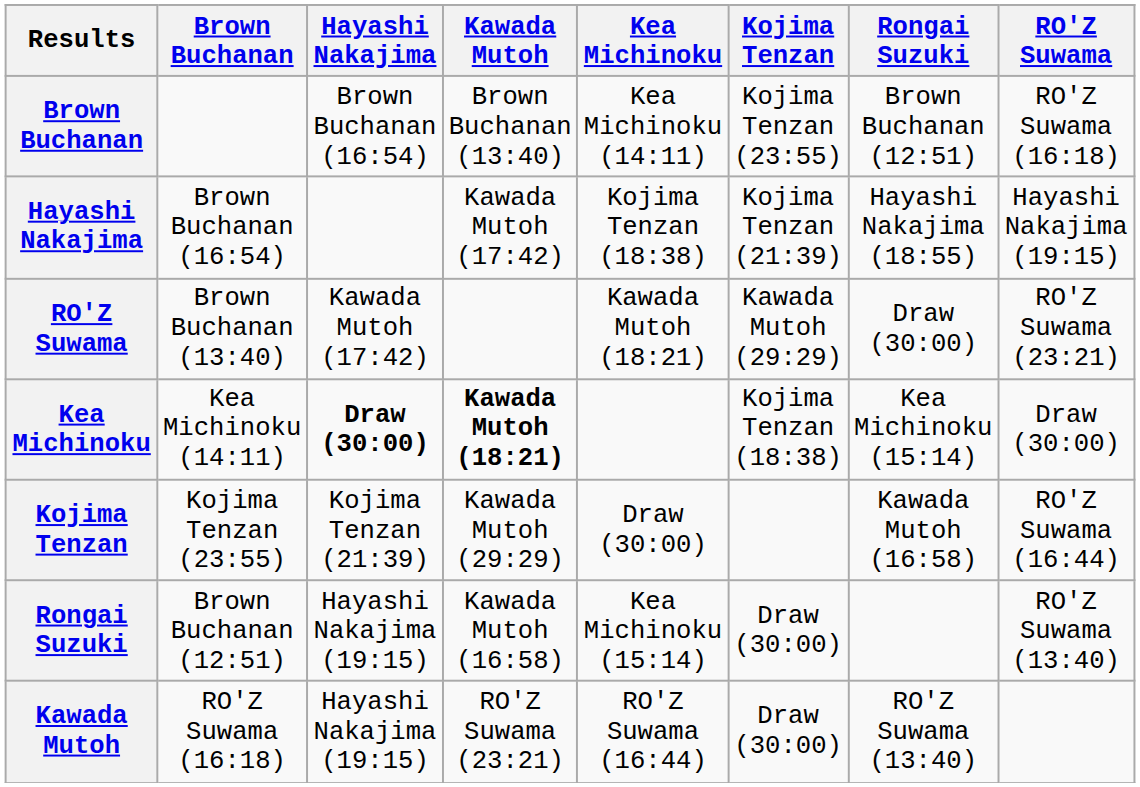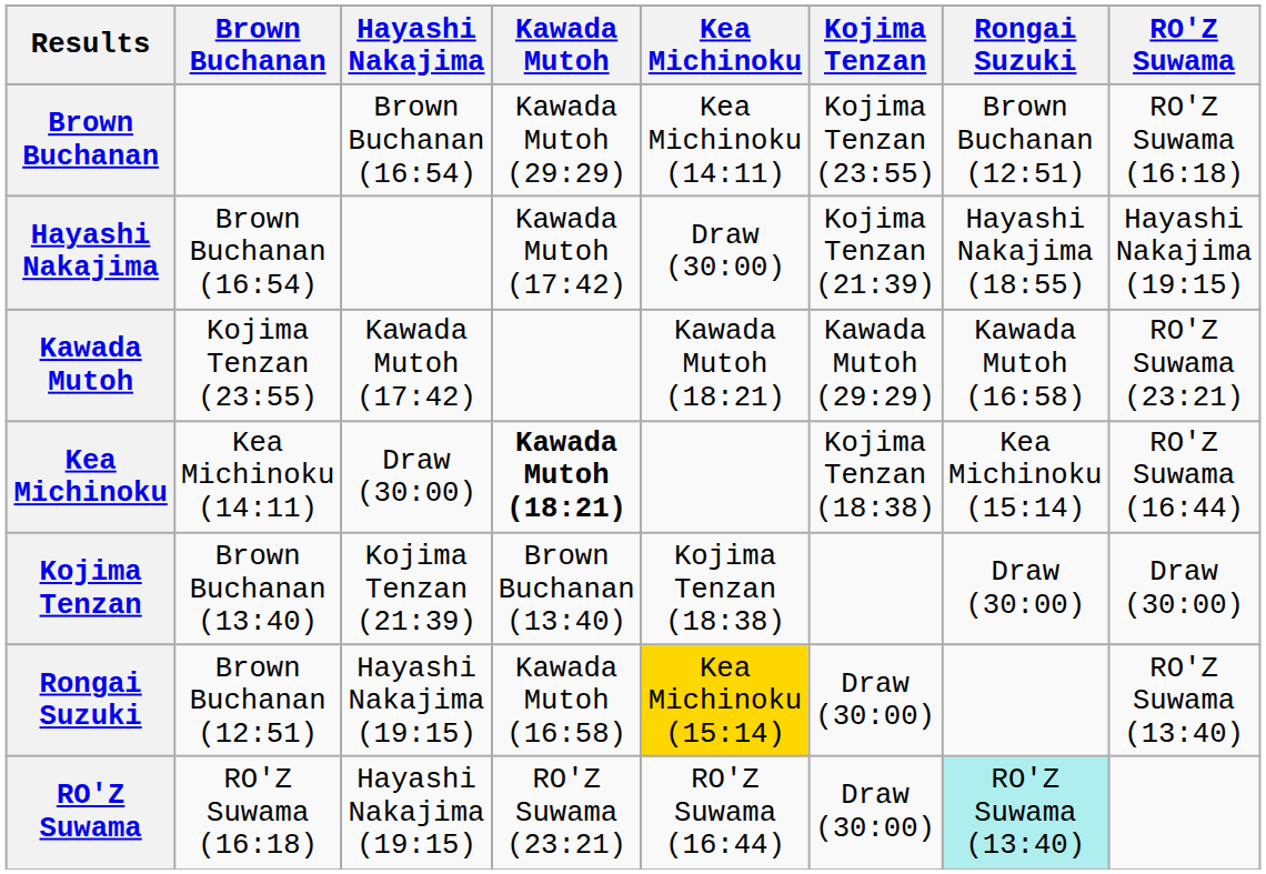 <table class="wikitable" style="text-align:center; margin: 1em auto 1em auto">
 <tr>
 <th>Results</th>
 <th><a href='#'>Brown</a><br><a href='#'>Buchanan</a></th>
 <th><a href='#'>Hayashi</a><br><a href='#'>Nakajima</a></th>
 <th><a href='#'>Kawada</a><br><a href='#'>Mutoh</a></th>
 <th><a href='#'>Kea</a><br><a href='#'>Michinoku</a></th>
 <th><a href='#'>Kojima</a><br><a href='#'>Tenzan</a></th>
 <th><a href='#'>Rongai</a><br><a href='#'>Suzuki</a></th>
 <th><a href='#'>RO'Z</a><br><a href='#'>Suwama</a></th>
 </tr>
 <tr>
 <th><a href='#'>Brown</a><br><a href='#'>Buchanan</a></th>
 <td></td>
 <td>Brown<br>Buchanan<br>(16:54)</td>
-<td>Brown<br>Buchanan<br>(13:40)</td>
+<td>Kawada<br>Mutoh<br>(29:29)</td>
 <td>Kea<br>Michinoku<br>(14:11)</td>
 <td>Kojima<br>Tenzan<br>(23:55)</td>
 <td>Brown<br>Buchanan<br>(12:51)</td>
 <td>RO'Z<br>Suwama<br>(16:18)</td>
 </tr>
 <tr>
 <th><a href='#'>Hayashi</a><br><a href='#'>Nakajima</a></th>
 <td>Brown<br>Buchanan<br>(16:54)</td>
 <td></td>
 <td>Kawada<br>Mutoh<br>(17:42)</td>
-<td>Kojima<br>Tenzan<br>(18:38)</td>
+<td>Draw<br>(30:00)</td>
 <td>Kojima<br>Tenzan<br>(21:39)</td>
 <td>Hayashi<br>Nakajima<br>(18:55)</td>
 <td>Hayashi<br>Nakajima<br>(19:15)</td>
 </tr>
 <tr>
-<th><a href='#'>RO'Z</a><br><a href='#'>Suwama</a></th>
-<td>Brown<br>Buchanan<br>(13:40)</td>
+<th><a href='#'>Kawada</a><br><a href='#'>Mutoh</a></th>
+<td>Kojima<br>Tenzan<br>(23:55)</td>
 <td>Kawada<br>Mutoh<br>(17:42)</td>
 <td></td>
 <td>Kawada<br>Mutoh<br>(18:21)</td>
 <td>Kawada<br>Mutoh<br>(29:29)</td>
-<td>Draw<br>(30:00)</td>
+<td>Kawada<br>Mutoh<br>(16:58)</td>
 <td>RO'Z<br>Suwama<br>(23:21)</td>
 </tr>
 <tr>
 <th><a href='#'>Kea</a><br><a href='#'>Michinoku</a></th>
 <td>Kea<br>Michinoku<br>(14:11)</td>
-<td><strong>Draw<br>(30:00)</strong></td>
+<td>Draw<br>(30:00)</td>
 <td><strong>Kawada<br>Mutoh<br>(18:21)</strong></td>
 <td></td>
 <td>Kojima<br>Tenzan<br>(18:38)</td>
 <td>Kea<br>Michinoku<br>(15:14)</td>
-<td>Draw<br>(30:00)</td>
+<td>RO'Z<br>Suwama<br>(16:44)</td>
 </tr>
 <tr>
 <th><a href='#'>Kojima</a><br><a href='#'>Tenzan</a></th>
-<td>Kojima<br>Tenzan<br>(23:55)</td>
+<td>Brown<br>Buchanan<br>(13:40)</td>
 <td>Kojima<br>Tenzan<br>(21:39)</td>
-<td>Kawada<br>Mutoh<br>(29:29)</td>
+<td>Brown<br>Buchanan<br>(13:40)</td>
+<td>Kojima<br>Tenzan<br>(18:38)</td>
+<td></td>
 <td>Draw<br>(30:00)</td>
-<td></td>
-<td>Kawada<br>Mutoh<br>(16:58)</td>
-<td>RO'Z<br>Suwama<br>(16:44)</td>
+<td>Draw<br>(30:00)</td>
 </tr>
 <tr>
 <th><a href='#'>Rongai</a><br><a href='#'>Suzuki</a></th>
 <td>Brown<br>Buchanan<br>(12:51)</td>
 <td>Hayashi<br>Nakajima<br>(19:15)</td>
 <td>Kawada<br>Mutoh<br>(16:58)</td>
-<td>Kea<br>Michinoku<br>(15:14)</td>
+<td style="background: gold;">Kea<br>Michinoku<br>(15:14)</td>
 <td>Draw<br>(30:00)</td>
 <td></td>
 <td>RO'Z<br>Suwama<br>(13:40)</td>
 </tr>
 <tr>
-<th><a href='#'>Kawada</a><br><a href='#'>Mutoh</a></th>
+<th><a href='#'>RO'Z</a><br><a href='#'>Suwama</a></th>
 <td>RO'Z<br>Suwama<br>(16:18)</td>
 <td>Hayashi<br>Nakajima<br>(19:15)</td>
 <td>RO'Z<br>Suwama<br>(23:21)</td>
 <td>RO'Z<br>Suwama<br>(16:44)</td>
 <td>Draw<br>(30:00)</td>
-<td>RO'Z<br>Suwama<br>(13:40)</td>
+<td style="background: paleturquoise;">RO'Z<br>Suwama<br>(13:40)</td>
 <td></td>
 </tr>
 </table>
